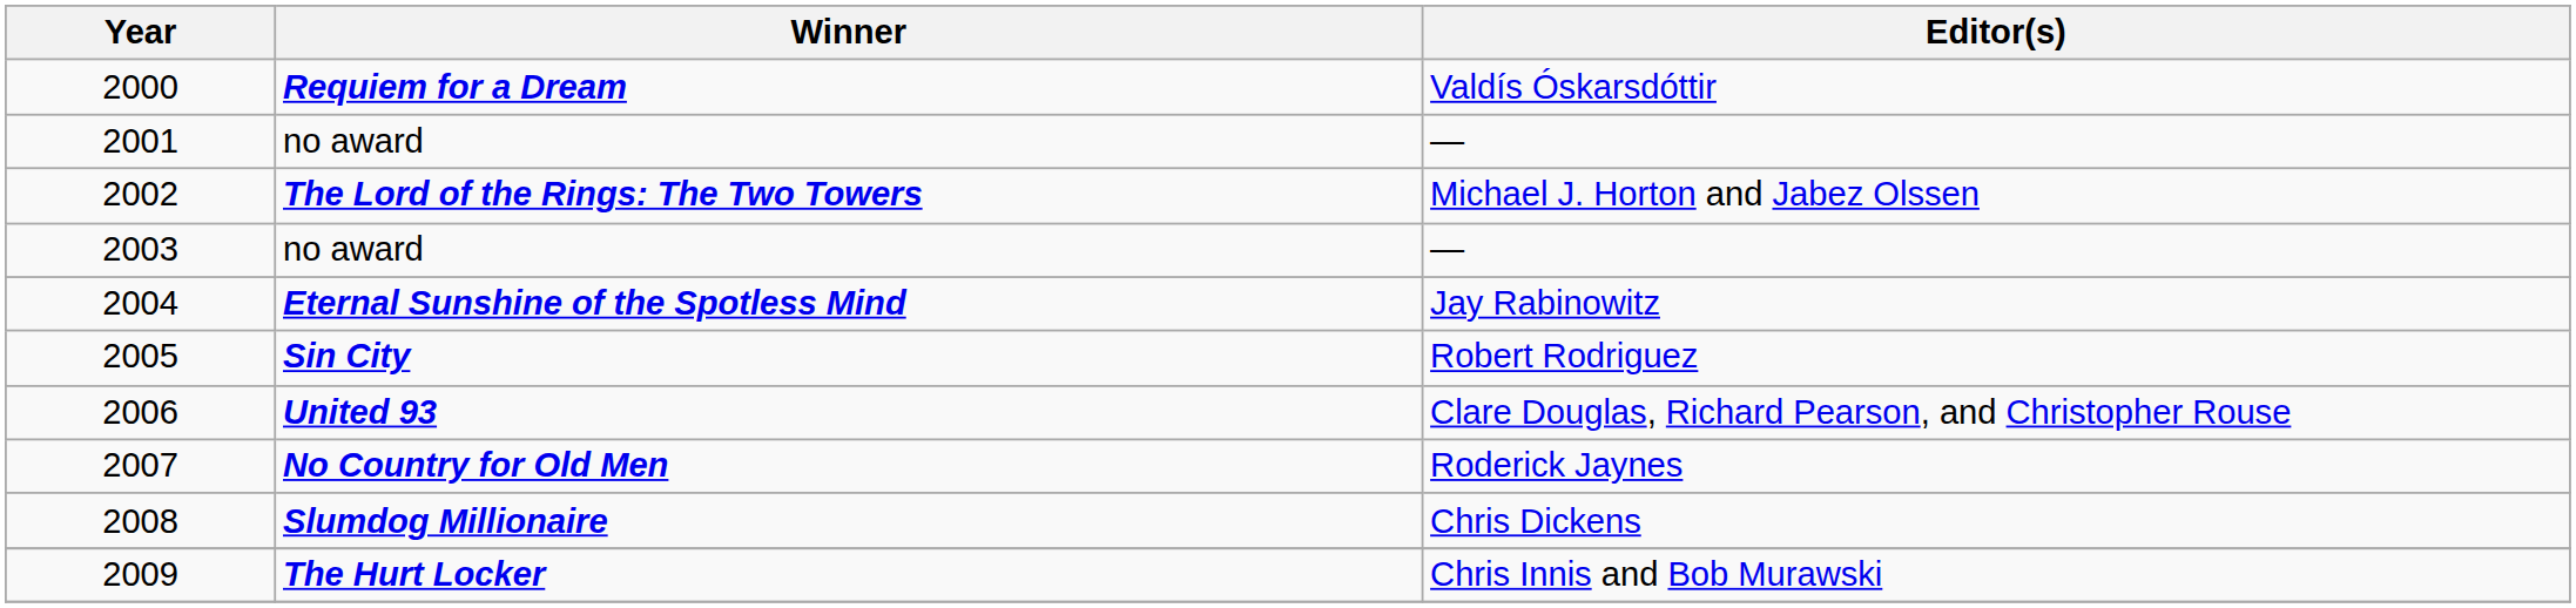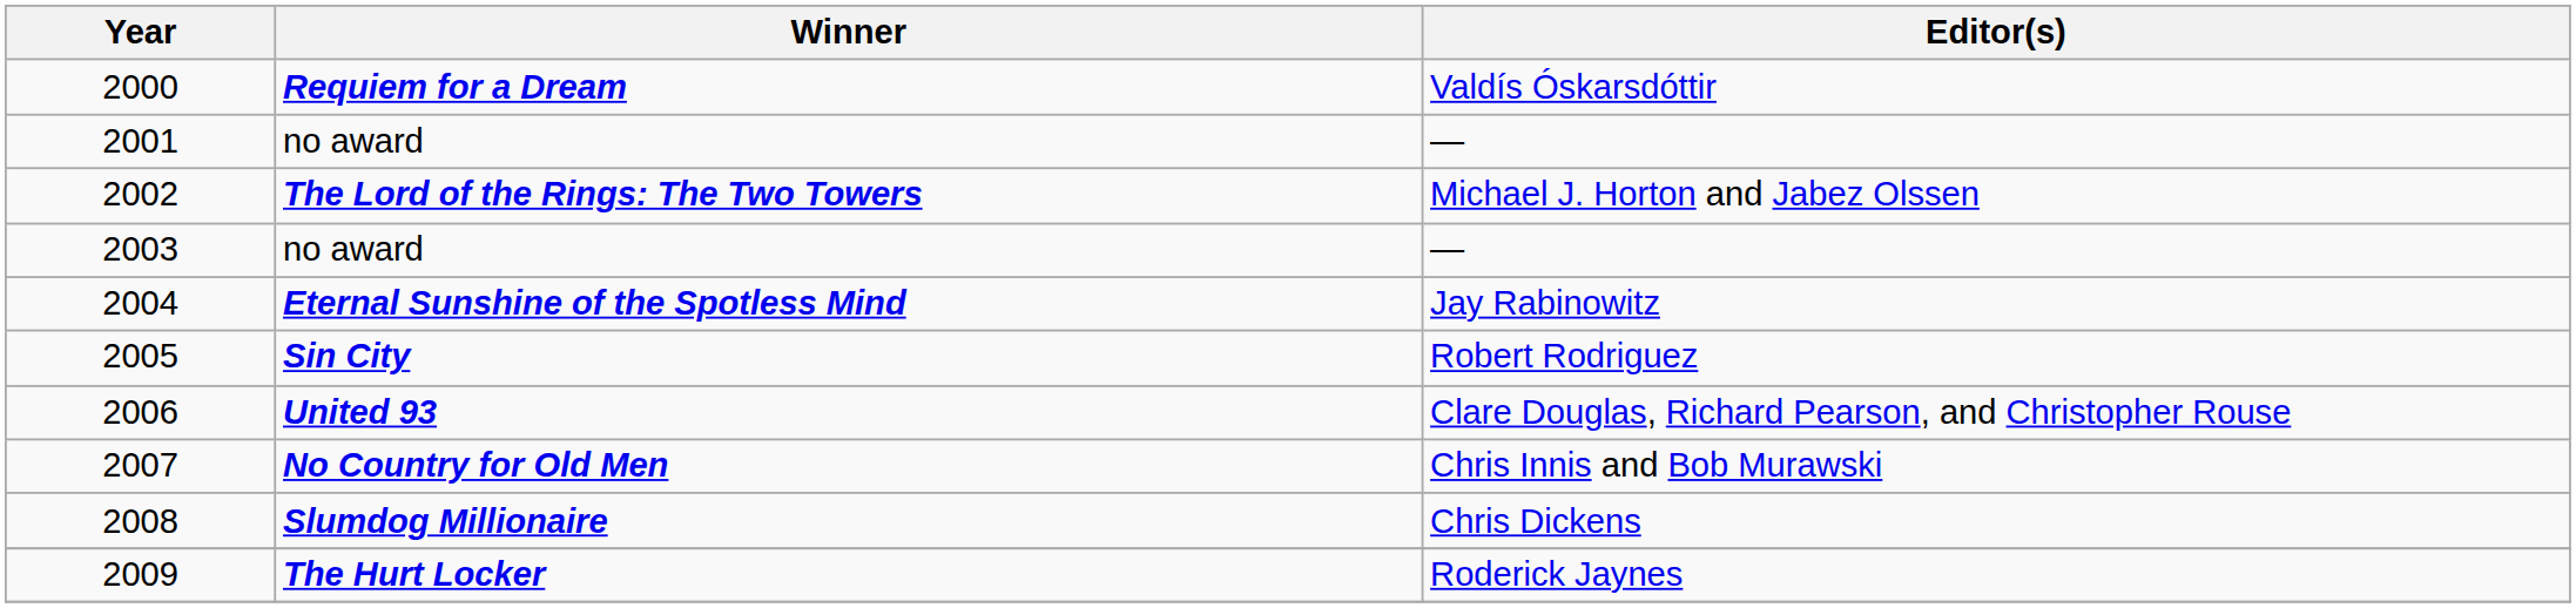 <table class="wikitable" width="95%" cellpadding="5">
 <tr>
 <th width="100"><strong>Year</strong></th>
 <th width="450"><strong>Winner</strong></th>
 <th width="450"><strong>Editor(s)</strong></th>
 </tr>
 <tr>
 <td style="text-align:center;">2000</td>
 <td><strong><em><a href='#'>Requiem for a Dream</a></em></strong></td>
 <td><a href='#'>Valdís Óskarsdóttir</a></td>
 </tr>
 <tr>
 <td style="text-align:center;">2001</td>
 <td>no award</td>
 <td>—</td>
 </tr>
 <tr>
 <td style="text-align:center;">2002</td>
 <td><strong><em><a href='#'>The Lord of the Rings: The Two Towers</a></em></strong></td>
 <td><a href='#'>Michael J. Horton</a> and <a href='#'>Jabez Olssen</a></td>
 </tr>
 <tr>
 <td style="text-align:center;">2003</td>
 <td>no award</td>
 <td>—</td>
 </tr>
 <tr>
 <td style="text-align:center;">2004</td>
 <td><strong><em><a href='#'>Eternal Sunshine of the Spotless Mind</a></em></strong></td>
 <td><a href='#'>Jay Rabinowitz</a></td>
 </tr>
 <tr>
 <td style="text-align:center;">2005</td>
 <td><strong><em><a href='#'>Sin City</a></em></strong></td>
 <td><a href='#'>Robert Rodriguez</a></td>
 </tr>
 <tr>
 <td style="text-align:center;">2006</td>
 <td><strong><em><a href='#'>United 93</a></em></strong></td>
 <td><a href='#'>Clare Douglas</a>, <a href='#'>Richard Pearson</a>, and <a href='#'>Christopher Rouse</a></td>
 </tr>
 <tr>
 <td style="text-align:center;">2007</td>
 <td><strong><em><a href='#'>No Country for Old Men</a></em></strong></td>
-<td><a href='#'>Roderick Jaynes</a></td>
+<td><a href='#'>Chris Innis</a> and <a href='#'>Bob Murawski</a></td>
 </tr>
 <tr>
 <td style="text-align:center;">2008</td>
 <td><strong><em><a href='#'>Slumdog Millionaire</a></em></strong></td>
 <td><a href='#'>Chris Dickens</a></td>
 </tr>
 <tr>
 </tr>
 <tr>
 <td style="text-align:center;">2009</td>
 <td><strong><em><a href='#'>The Hurt Locker</a></em></strong></td>
-<td><a href='#'>Chris Innis</a> and <a href='#'>Bob Murawski</a></td>
+<td><a href='#'>Roderick Jaynes</a></td>
 </tr>
 <tr>
 </tr>
 </table>
